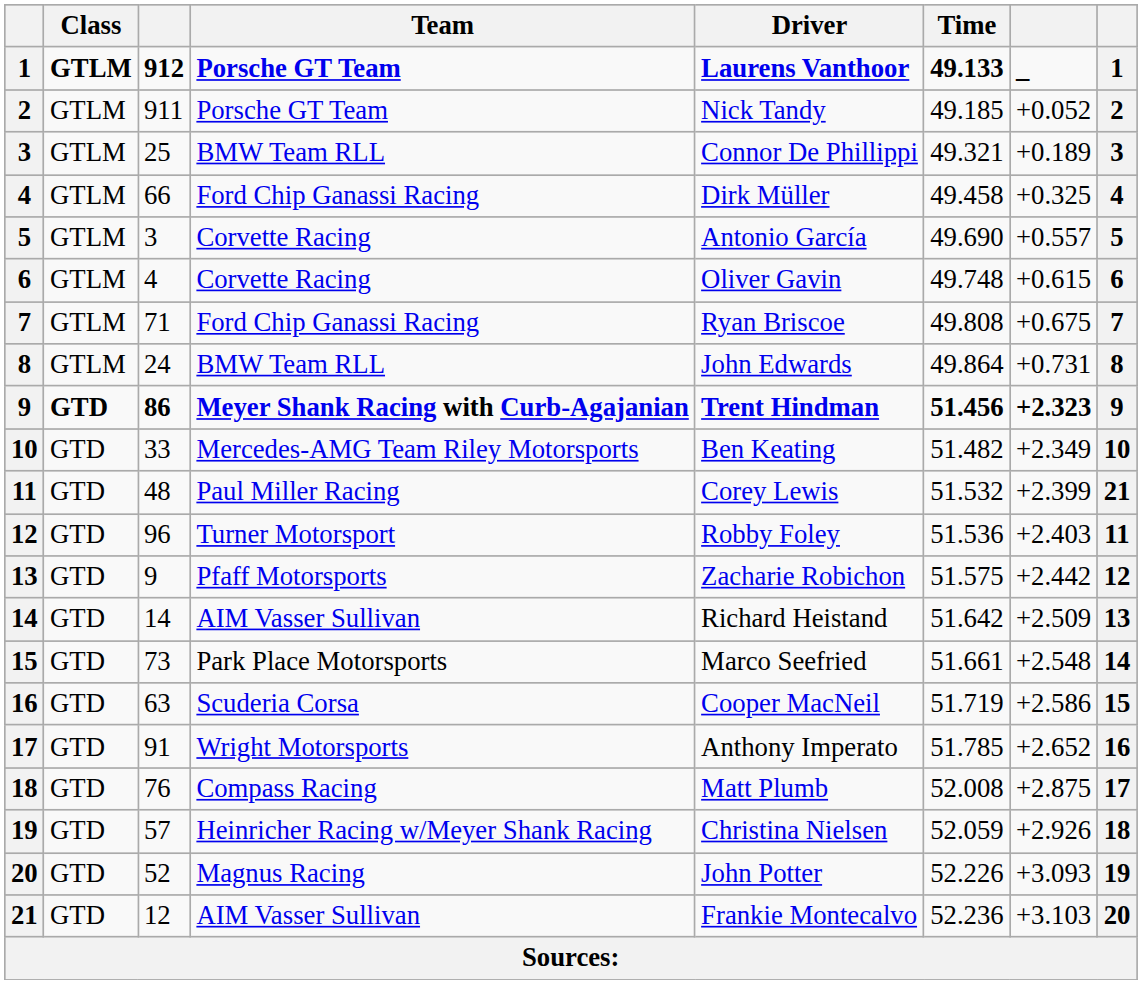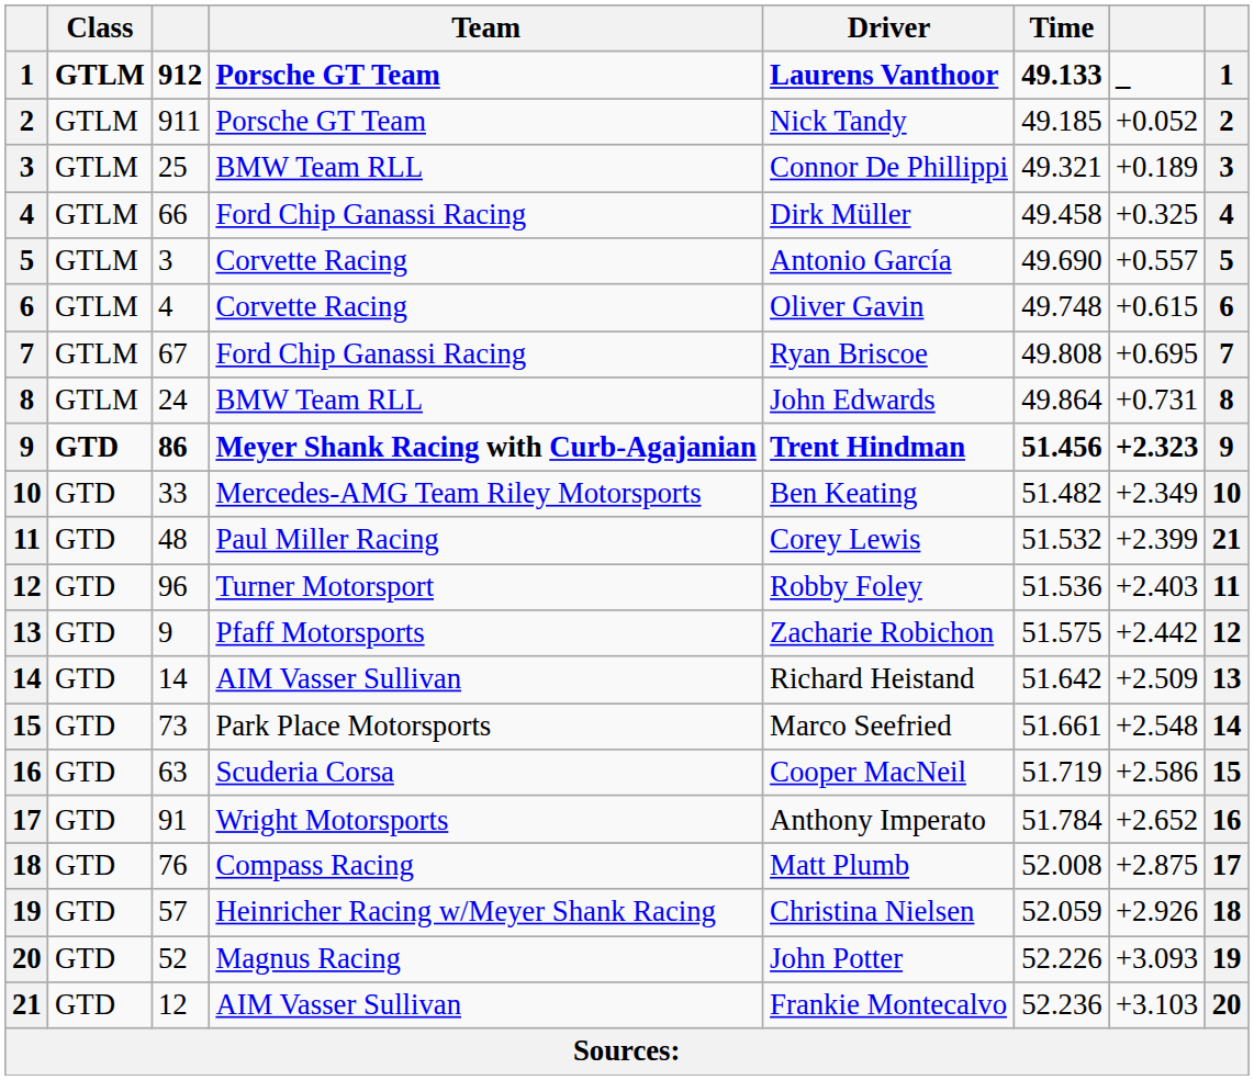 <table class="wikitable">
 <tr>
 <th scope="col"></th>
 <th scope="col">Class</th>
 <th scope="col"></th>
 <th scope="col">Team</th>
 <th scope="col">Driver</th>
 <th scope="col">Time</th>
 <th scope="col"></th>
 <th scope="col"></th>
 </tr>
 <tr style="font-weight:bold">
 <th scope="row">1</th>
 <td>GTLM</td>
 <td>912</td>
 <td> <a href='#'>Porsche GT Team</a></td>
 <td> <a href='#'>Laurens Vanthoor</a></td>
 <td>49.133</td>
 <td>_</td>
 <th>1 </th>
 </tr>
 <tr>
 <th scope="row">2</th>
 <td>GTLM</td>
 <td>911</td>
 <td> <a href='#'>Porsche GT Team</a></td>
 <td> <a href='#'>Nick Tandy</a></td>
 <td>49.185</td>
 <td>+0.052</td>
 <th>2</th>
 </tr>
 <tr>
 <th scope="row">3</th>
 <td>GTLM</td>
 <td>25</td>
 <td> <a href='#'>BMW Team RLL</a></td>
 <td> <a href='#'>Connor De Phillippi</a></td>
 <td>49.321</td>
 <td>+0.189</td>
 <th>3</th>
 </tr>
 <tr>
 <th scope="row">4</th>
 <td>GTLM</td>
 <td>66</td>
 <td> <a href='#'>Ford Chip Ganassi Racing</a></td>
 <td> <a href='#'>Dirk Müller</a></td>
 <td>49.458</td>
 <td>+0.325</td>
 <th>4</th>
 </tr>
 <tr>
 <th scope="row">5</th>
 <td>GTLM</td>
 <td>3</td>
 <td> <a href='#'>Corvette Racing</a></td>
 <td> <a href='#'>Antonio García</a></td>
 <td>49.690</td>
 <td>+0.557</td>
 <th>5</th>
 </tr>
 <tr>
 <th scope="row">6</th>
 <td>GTLM</td>
 <td>4</td>
 <td> <a href='#'>Corvette Racing</a></td>
 <td> <a href='#'>Oliver Gavin</a></td>
 <td>49.748</td>
 <td>+0.615</td>
 <th>6</th>
 </tr>
 <tr>
 <th scope="row">7</th>
 <td>GTLM</td>
-<td>71</td>
+<td>67</td>
 <td> <a href='#'>Ford Chip Ganassi Racing</a></td>
 <td> <a href='#'>Ryan Briscoe</a></td>
 <td>49.808</td>
-<td>+0.675</td>
+<td>+0.695</td>
 <th>7</th>
 </tr>
 <tr>
 <th scope="row">8</th>
 <td>GTLM</td>
 <td>24</td>
 <td> <a href='#'>BMW Team RLL</a></td>
 <td> <a href='#'>John Edwards</a></td>
 <td>49.864</td>
 <td>+0.731</td>
 <th>8</th>
 </tr>
 <tr style="font-weight:bold">
 <th scope="row">9</th>
 <td>GTD</td>
 <td>86</td>
 <td> <a href='#'>Meyer Shank Racing</a> with <a href='#'>Curb-Agajanian</a></td>
 <td> <a href='#'>Trent Hindman</a></td>
 <td>51.456</td>
 <td>+2.323</td>
 <th>9</th>
 </tr>
 <tr>
 <th scope="row">10</th>
 <td>GTD</td>
 <td>33</td>
 <td> <a href='#'>Mercedes-AMG Team Riley Motorsports</a></td>
 <td> <a href='#'>Ben Keating</a></td>
 <td>51.482</td>
 <td>+2.349</td>
 <th>10</th>
 </tr>
 <tr>
 <th scope="row">11</th>
 <td>GTD</td>
 <td>48</td>
 <td> <a href='#'>Paul Miller Racing</a></td>
 <td> <a href='#'>Corey Lewis</a></td>
 <td>51.532</td>
 <td>+2.399</td>
 <th>21</th>
 </tr>
 <tr>
 <th scope="row">12</th>
 <td>GTD</td>
 <td>96</td>
 <td> <a href='#'>Turner Motorsport</a></td>
 <td> <a href='#'>Robby Foley</a></td>
 <td>51.536</td>
 <td>+2.403</td>
 <th>11</th>
 </tr>
 <tr>
 <th scope="row">13</th>
 <td>GTD</td>
 <td>9</td>
 <td> <a href='#'>Pfaff Motorsports</a></td>
 <td> <a href='#'>Zacharie Robichon</a></td>
 <td>51.575</td>
 <td>+2.442</td>
 <th>12</th>
 </tr>
 <tr>
 <th scope="row">14</th>
 <td>GTD</td>
 <td>14</td>
 <td> <a href='#'>AIM Vasser Sullivan</a></td>
 <td> Richard Heistand</td>
 <td>51.642</td>
 <td>+2.509</td>
 <th>13</th>
 </tr>
 <tr>
 <th scope="row">15</th>
 <td>GTD</td>
 <td>73</td>
 <td> Park Place Motorsports</td>
 <td> Marco Seefried</td>
 <td>51.661</td>
 <td>+2.548</td>
 <th>14</th>
 </tr>
 <tr>
 <th scope="row">16</th>
 <td>GTD</td>
 <td>63</td>
 <td> <a href='#'>Scuderia Corsa</a></td>
 <td> <a href='#'>Cooper MacNeil</a></td>
 <td>51.719</td>
 <td>+2.586</td>
 <th>15</th>
 </tr>
 <tr>
 <th scope="row">17</th>
 <td>GTD</td>
 <td>91</td>
 <td> <a href='#'>Wright Motorsports</a></td>
 <td> Anthony Imperato</td>
-<td>51.785</td>
+<td>51.784</td>
 <td>+2.652</td>
 <th>16</th>
 </tr>
 <tr>
 <th scope="row">18</th>
 <td>GTD</td>
 <td>76</td>
 <td> <a href='#'>Compass Racing</a></td>
 <td> <a href='#'>Matt Plumb</a></td>
 <td>52.008</td>
 <td>+2.875</td>
 <th>17</th>
 </tr>
 <tr>
 <th scope="row">19</th>
 <td>GTD</td>
 <td>57</td>
 <td> <a href='#'>Heinricher Racing w/Meyer Shank Racing</a></td>
 <td> <a href='#'>Christina Nielsen</a></td>
 <td>52.059</td>
 <td>+2.926</td>
 <th>18</th>
 </tr>
 <tr>
 <th scope="row">20</th>
 <td>GTD</td>
 <td>52</td>
 <td> <a href='#'>Magnus Racing</a></td>
 <td> <a href='#'>John Potter</a></td>
 <td>52.226</td>
 <td>+3.093</td>
 <th>19</th>
 </tr>
 <tr>
 <th scope="row">21</th>
 <td>GTD</td>
 <td>12</td>
 <td> <a href='#'>AIM Vasser Sullivan</a></td>
 <td> <a href='#'>Frankie Montecalvo</a></td>
 <td>52.236</td>
 <td>+3.103</td>
 <th>20</th>
 </tr>
 <tr>
 <th colspan="8">Sources:</th>
 </tr>
 <tr>
 </tr>
 </table>
